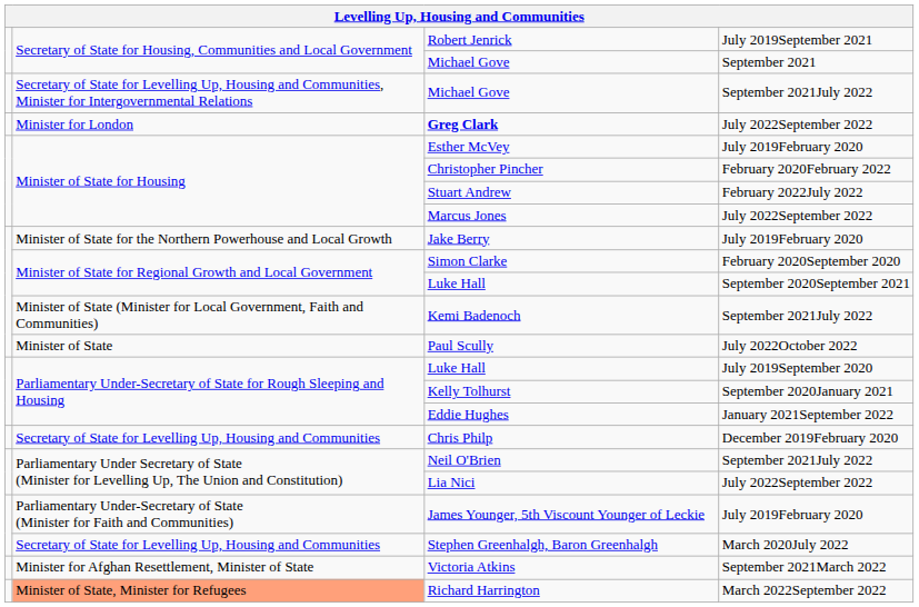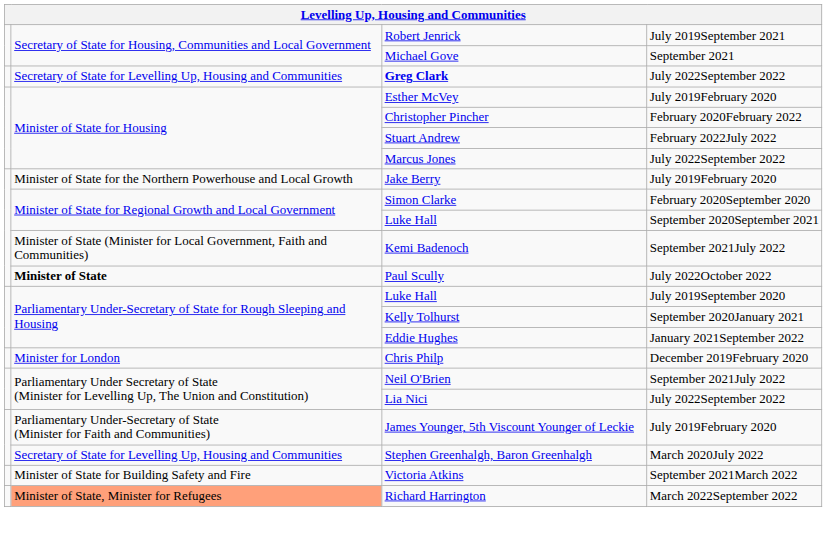 <table class="wikitable">
 <tr>
 <th colspan="4"><a href='#'>Levelling Up, Housing and Communities</a></th>
 </tr>
 <tr>
 <td rowspan=2 style="width: 1px; background: "></td>
 <td rowspan=2 style="width: 450px;"><a href='#'>Secretary of State for Housing, Communities and Local Government</a></td>
 <td style="width: 320px;"><a href='#'>Robert Jenrick</a></td>
 <td>July 2019September 2021</td>
 </tr>
 <tr>
 <td style="width: 320px;"><a href='#'>Michael Gove</a></td>
 <td>September 2021</td>
 </tr>
 <tr>
 <td style="width: 1px; background: "></td>
-<td style="width: 450px;"><a href='#'>Secretary of State for Levelling Up, Housing and Communities</a>, <a href='#'>Minister for Intergovernmental Relations</a></td>
-<td style-"width: 320px;"><a href='#'>Michael Gove</a></td>
-<td>September 2021July 2022</td>
-</tr>
-<tr>
-<td style="width: 1px; background: "></td>
-<td><a href='#'>Minister for London</a></td>
+<td style="width: 450px;"><a href='#'>Secretary of State for Levelling Up, Housing and Communities</a></td>
 <td style="width: 320px;"><strong><a href='#'>Greg Clark</a></strong></td>
 <td>July 2022September 2022</td>
 </tr>
 <tr>
 <td rowspan="4" style="background: "></td>
 <td rowspan=4><a href='#'>Minister of State for Housing</a></td>
 <td><a href='#'>Esther McVey</a></td>
 <td>July 2019February 2020</td>
 </tr>
 <tr>
 <td><a href='#'>Christopher Pincher</a></td>
 <td>February 2020February 2022</td>
 </tr>
 <tr>
 <td><a href='#'>Stuart Andrew</a></td>
 <td>February 2022July 2022</td>
 </tr>
 <tr>
 <td><a href='#'>Marcus Jones</a></td>
 <td>July 2022September 2022</td>
 </tr>
 <tr>
 <td rowspan=5 style="background: "></td>
 <td>Minister of State for the Northern Powerhouse and Local Growth</td>
 <td><a href='#'>Jake Berry</a> <br></td>
 <td>July 2019February 2020</td>
 </tr>
 <tr>
 <td rowspan=2><a href='#'>Minister of State for Regional Growth and Local Government</a></td>
 <td><a href='#'>Simon Clarke</a></td>
 <td>February 2020September 2020</td>
 </tr>
 <tr>
 <td><a href='#'>Luke Hall</a></td>
 <td>September 2020September 2021</td>
 </tr>
 <tr>
 <td>Minister of State (Minister for Local Government, Faith and Communities)</td>
 <td><a href='#'>Kemi Badenoch</a> <br></td>
 <td>September 2021July 2022</td>
 </tr>
 <tr>
-<td>Minister of State</td>
+<td><strong>Minister of State</strong></td>
 <td><a href='#'>Paul Scully</a> <br></td>
 <td>July 2022October 2022</td>
 </tr>
 <tr>
 <td rowspan="3" style="width: 1px; background: "></td>
 <td rowspan=3><a href='#'>Parliamentary Under-Secretary of State for Rough Sleeping and Housing</a></td>
 <td><a href='#'>Luke Hall</a></td>
 <td>July 2019September 2020</td>
 </tr>
 <tr>
 <td><a href='#'>Kelly Tolhurst</a></td>
 <td>September 2020January 2021</td>
 </tr>
 <tr>
 <td><a href='#'>Eddie Hughes</a></td>
 <td>January 2021September 2022</td>
 </tr>
 <tr>
 <td style="width: 1px; background: "></td>
-<td style="width: 450px;"><a href='#'>Secretary of State for Levelling Up, Housing and Communities</a></td>
+<td><a href='#'>Minister for London</a></td>
 <td><a href='#'>Chris Philp</a></td>
 <td>December 2019February 2020</td>
 </tr>
 <tr>
 <td rowspan="2" style="width: 1px; background: "></td>
 <td rowspan="2">Parliamentary Under Secretary of State<br>(Minister for Levelling Up, The Union and Constitution)</td>
 <td><a href='#'>Neil O'Brien</a></td>
 <td>September 2021July 2022</td>
 </tr>
 <tr>
 <td><a href='#'>Lia Nici</a></td>
 <td>July 2022September 2022</td>
 </tr>
 <tr>
 <td rowspan="2" style="width: 1px; background: "></td>
 <td>Parliamentary Under-Secretary of State<br>(Minister for Faith and Communities)</td>
 <td><a href='#'>James Younger, 5th Viscount Younger of Leckie</a></td>
 <td>July 2019February 2020</td>
 </tr>
 <tr>
 <td style="width: 450px;"><a href='#'>Secretary of State for Levelling Up, Housing and Communities</a></td>
 <td><a href='#'>Stephen Greenhalgh, Baron Greenhalgh</a> </td>
 <td>March 2020July 2022</td>
 </tr>
 <tr>
 <td style="width: 1px; background: "></td>
-<td>Minister for Afghan Resettlement, Minister of State</td>
+<td>Minister of State for Building Safety and Fire</td>
 <td><a href='#'>Victoria Atkins</a> </td>
 <td>September 2021March 2022</td>
 </tr>
 <tr>
 <td style="width: 1px; background: "></td>
 <td style="background: lightsalmon;">Minister of State, Minister for Refugees</td>
 <td><a href='#'>Richard Harrington</a> </td>
 <td>March 2022September 2022</td>
 </tr>
 </table>
